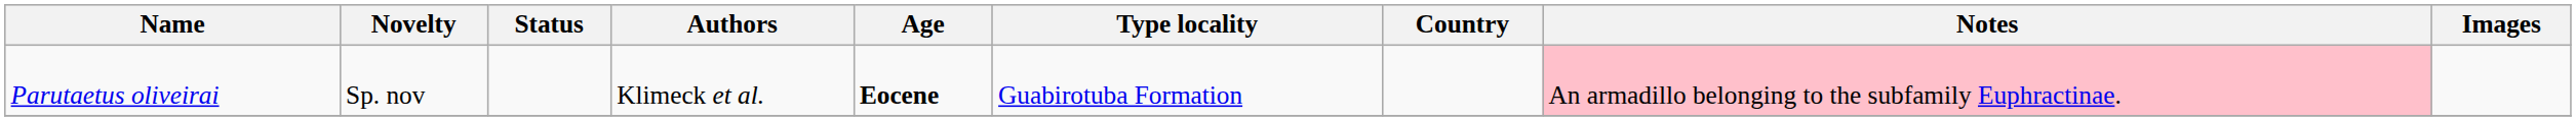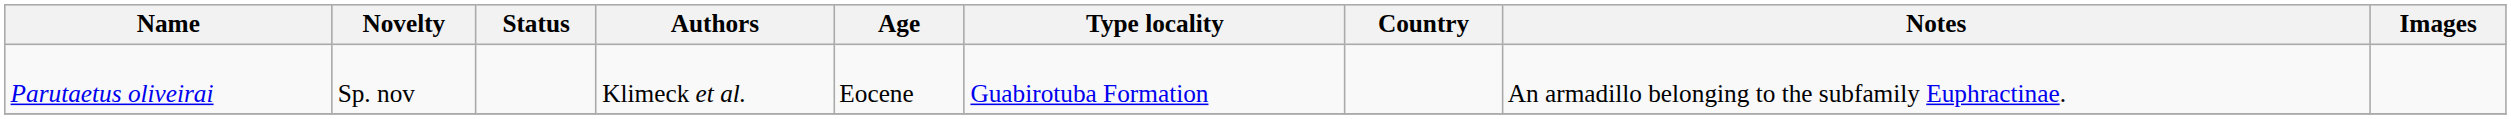 <table class="wikitable sortable" align="center" width="100%">
 <tr>
 <th>Name</th>
 <th>Novelty</th>
 <th>Status</th>
 <th>Authors</th>
 <th>Age</th>
 <th>Type locality</th>
 <th>Country</th>
 <th>Notes</th>
 <th>Images</th>
 </tr>
 <tr>
 <td><br><em><a href='#'>Parutaetus oliveirai</a></em></td>
 <td><br>Sp. nov</td>
 <td></td>
 <td><br>Klimeck <em>et al.</em></td>
-<td><strong><br>Eocene</strong></td>
+<td><br>Eocene</td>
 <td><br><a href='#'>Guabirotuba Formation</a></td>
 <td><br></td>
-<td style="background: pink;"><br>An armadillo belonging to the subfamily <a href='#'>Euphractinae</a>.</td>
+<td><br>An armadillo belonging to the subfamily <a href='#'>Euphractinae</a>.</td>
 <td></td>
 </tr>
 <tr>
 </tr>
 </table>
